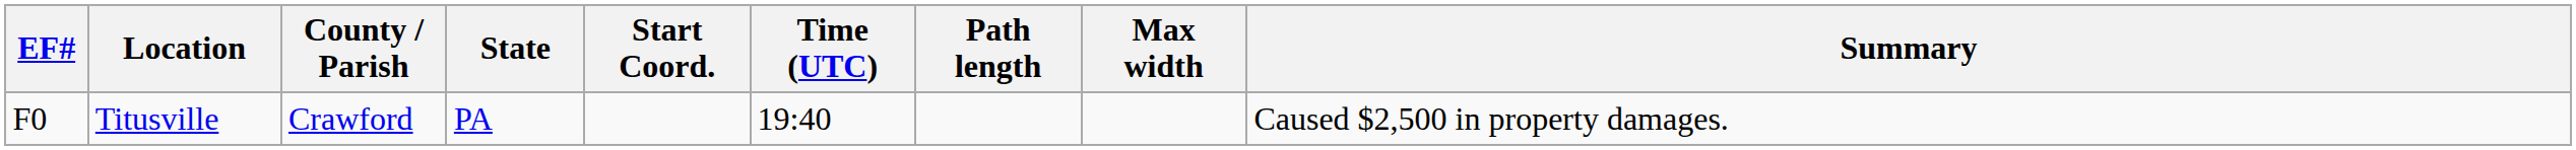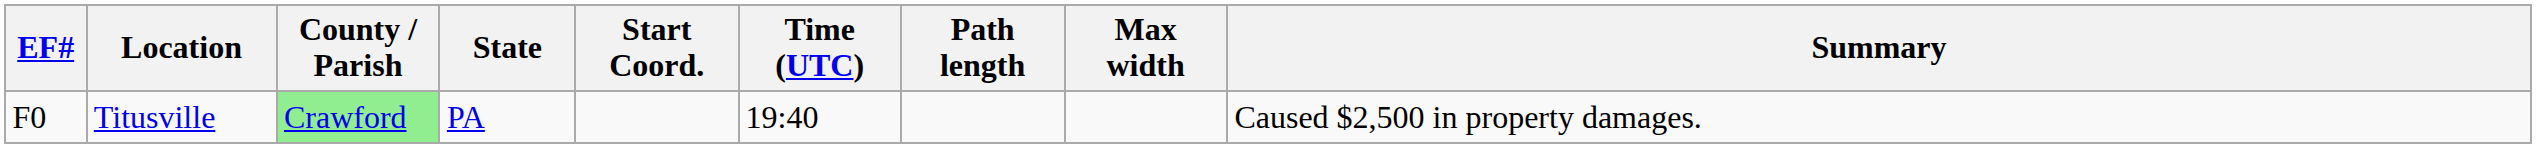 <table class="wikitable sortable" style="width:100%;">
 <tr>
 <th scope="col"  style="width:3%; text-align:center;"><a href='#'>EF#</a></th>
 <th scope="col"  style="width:7%; text-align:center;" class="unsortable">Location</th>
 <th scope="col"  style="width:6%; text-align:center;" class="unsortable">County / Parish</th>
 <th scope="col"  style="width:5%; text-align:center;">State</th>
 <th scope="col"  style="width:6%; text-align:center;">Start Coord.</th>
 <th scope="col"  style="width:6%; text-align:center;">Time (<a href='#'>UTC</a>)</th>
 <th scope="col"  style="width:6%; text-align:center;">Path length</th>
 <th scope="col"  style="width:6%; text-align:center;">Max width</th>
 <th scope="col" class="unsortable" style="width:48%; text-align:center;">Summary</th>
 </tr>
 <tr>
 <td bgcolor=>F0</td>
 <td><a href='#'>Titusville</a></td>
-<td><a href='#'>Crawford</a></td>
+<td style="background: lightgreen;"><a href='#'>Crawford</a></td>
 <td><a href='#'>PA</a></td>
 <td></td>
 <td>19:40</td>
 <td></td>
 <td></td>
 <td>Caused $2,500 in property damages.</td>
 </tr>
 <tr>
 </tr>
 </table>
